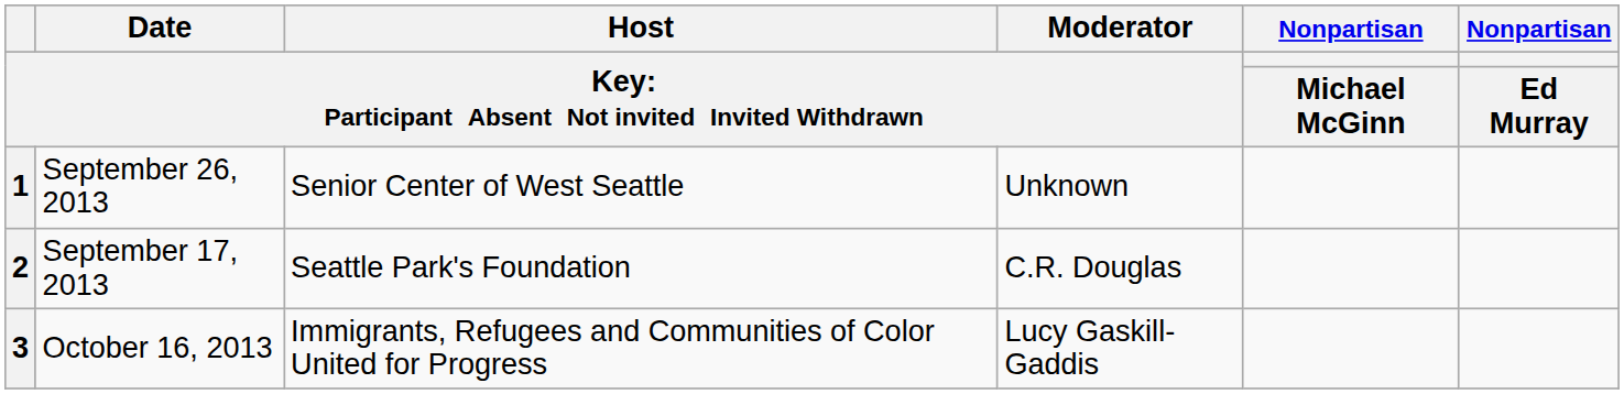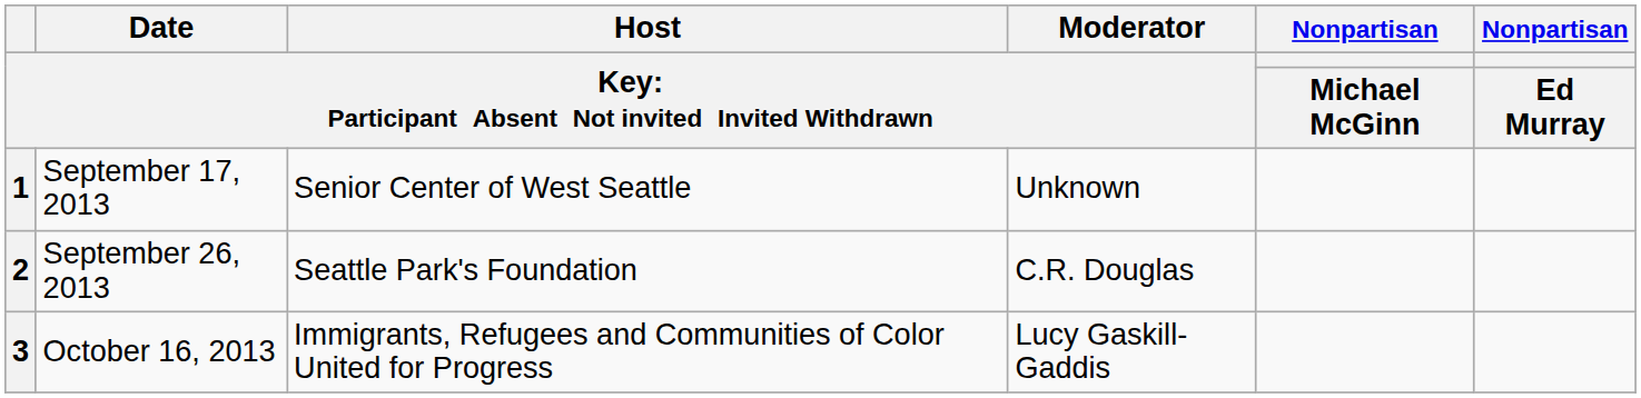 <table class="wikitable">
 <tr>
 <th></th>
 <th>Date</th>
 <th>Host</th>
 <th>Moderator</th>
 <th><small><a href='#'>Nonpartisan</a></small></th>
 <th><small><a href='#'>Nonpartisan</a></small></th>
 </tr>
 <tr>
 <th colspan="4" rowspan="2">Key:<br> <small>Participant </small>  <small>Absent </small>  <small>Not invited </small>  <small>Invited  Withdrawn</small></th>
 <th scope="col" style="background:"></th>
 <th scope="col" style="background:"></th>
 </tr>
 <tr>
 <th scope="col">Michael McGinn</th>
 <th scope="col">Ed Murray</th>
 </tr>
 <tr>
 <th>1</th>
-<td>September 26, 2013</td>
+<td>September 17, 2013</td>
 <td>Senior Center of West Seattle</td>
 <td>Unknown</td>
 <td></td>
 <td></td>
 </tr>
 <tr>
 <th>2</th>
-<td>September 17, 2013</td>
+<td>September 26, 2013</td>
 <td>Seattle Park's Foundation</td>
 <td>C.R. Douglas</td>
 <td></td>
 <td></td>
 </tr>
 <tr>
 <th>3</th>
 <td>October 16, 2013</td>
 <td>Immigrants, Refugees and Communities of Color United for Progress</td>
 <td>Lucy Gaskill-Gaddis</td>
 <td></td>
 <td></td>
 </tr>
 </table>
